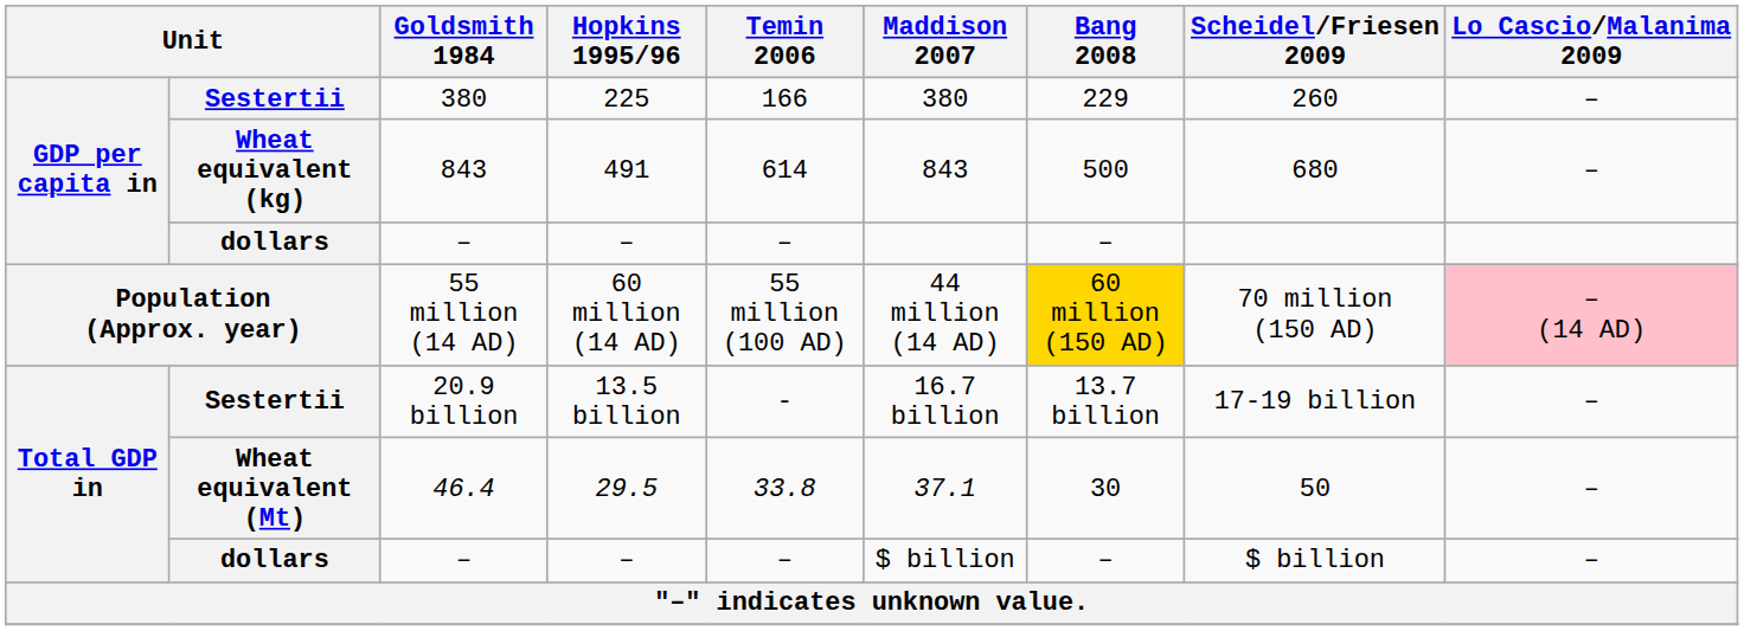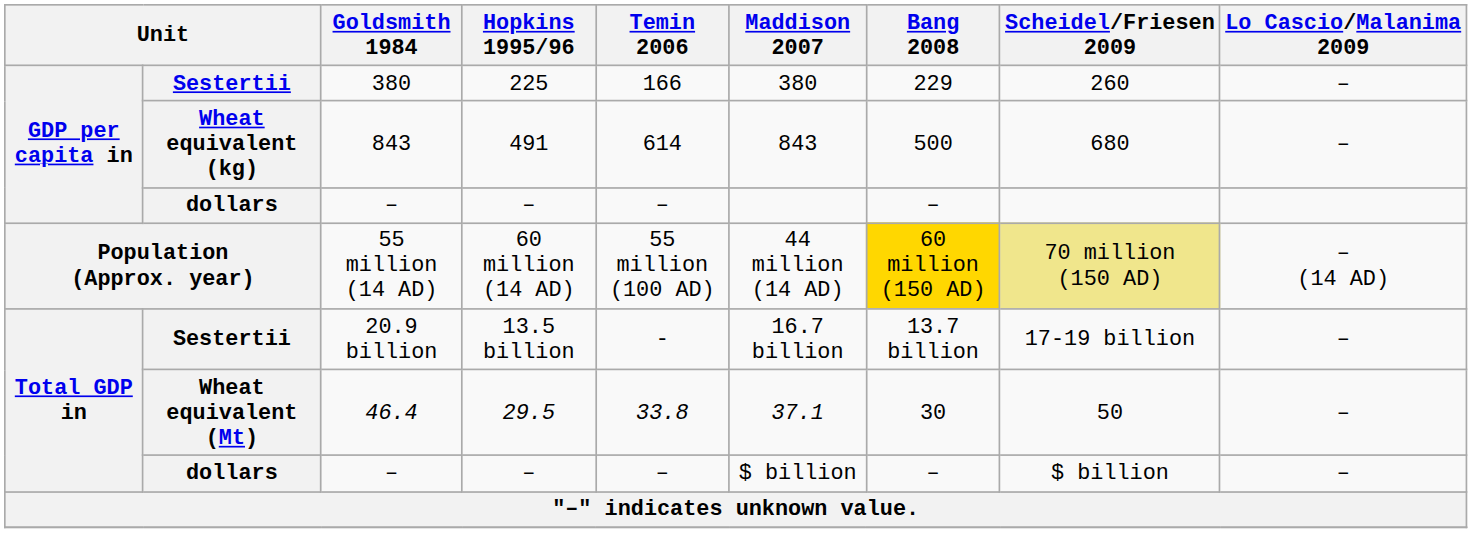 <table class="wikitable plainrowheaders" style="text-align:center;">
 <tr>
 <th scope="col" colspan="2" width="24%">Unit</th>
 <th scope="col"  width="10%"><a href='#'>Goldsmith</a><br>1984</th>
 <th scope="col"  width="10%"><a href='#'>Hopkins</a><br>1995/96</th>
 <th scope="col"  width="10%"><a href='#'>Temin</a><br>2006</th>
 <th scope="col"  width="10%"><a href='#'>Maddison</a><br>2007</th>
 <th scope="col"  width="10%"><a href='#'>Bang</a><br>2008</th>
 <th scope="col"  width="13%"><a href='#'>Scheidel</a>/Friesen<br>2009</th>
 <th scope="col"  width="13%"><a href='#'>Lo Cascio</a>/<a href='#'>Malanima</a><br>2009</th>
 </tr>
 <tr>
 <th scope="row" rowspan="3"><strong><a href='#'>GDP per capita</a> in</strong></th>
 <th scope="row"><a href='#'>Sestertii</a></th>
 <td>380</td>
 <td>225</td>
 <td>166</td>
 <td>380</td>
 <td>229</td>
 <td>260</td>
 <td>–</td>
 </tr>
 <tr>
 <th scope="row"><a href='#'>Wheat</a> equivalent (kg)</th>
 <td>843</td>
 <td>491</td>
 <td>614</td>
 <td>843</td>
 <td>500</td>
 <td>680</td>
 <td>–</td>
 </tr>
 <tr>
 <th scope="row"> dollars</th>
 <td>–</td>
 <td>–</td>
 <td>–</td>
 <td></td>
 <td>–</td>
 <td></td>
 <td></td>
 </tr>
 <tr>
 <th scope="row" colspan="2"><strong>Population</strong><br>(Approx. year)</th>
 <td>55 million<br>(14 AD)</td>
 <td>60 million<br>(14 AD)</td>
 <td>55 million<br>(100 AD)</td>
 <td>44 million<br>(14 AD)</td>
 <td style="background: gold;">60 million<br>(150 AD)</td>
-<td>70 million<br>(150 AD)</td>
-<td style="background: pink;">–<br>(14 AD)</td>
+<td style="background: khaki;">70 million<br>(150 AD)</td>
+<td>–<br>(14 AD)</td>
 </tr>
 <tr>
 <th scope="row" rowspan="3"><strong><a href='#'>Total GDP</a> in</strong></th>
 <th scope="row">Sestertii</th>
 <td>20.9 billion</td>
 <td>13.5 billion</td>
 <td>-</td>
 <td>16.7 billion</td>
 <td>13.7 billion</td>
 <td>17-19 billion</td>
 <td>–</td>
 </tr>
 <tr>
 <th scope="row">Wheat equivalent (<a href='#'>Mt</a>)</th>
 <td><em>46.4</em></td>
 <td><em>29.5</em></td>
 <td><em>33.8</em></td>
 <td><em>37.1</em></td>
 <td>30</td>
 <td>50</td>
 <td>–</td>
 </tr>
 <tr>
 <th scope="row"> dollars</th>
 <td>–</td>
 <td>–</td>
 <td>–</td>
 <td>$ billion</td>
 <td>–</td>
 <td>$ billion</td>
 <td>–</td>
 </tr>
 <tr>
 <th scope="col" colspan="9">"–" indicates unknown value.</th>
 </tr>
 <tr>
 </tr>
 </table>
